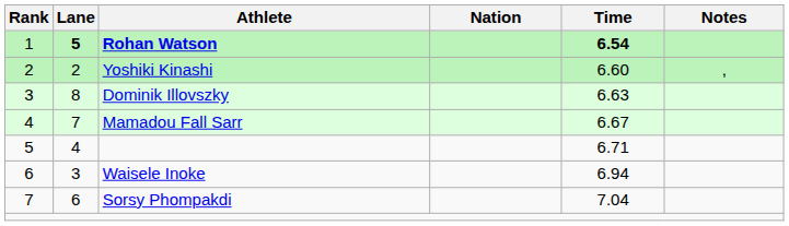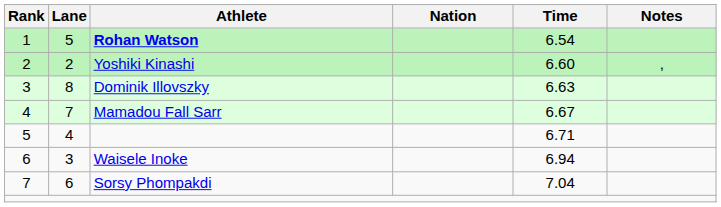 <table class="wikitable sortable" style="text-align:center;width: 60%;">
 <tr>
 <th scope="col" style="width: 10px;">Rank</th>
 <th scope="col" style="width: 10px;">Lane</th>
 <th scope="col">Athlete</th>
 <th scope="col">Nation</th>
 <th scope="col">Time</th>
 <th scope="col">Notes</th>
 </tr>
 <tr bgcolor=bbf3bb>
 <td>1</td>
-<td><strong>5</strong></td>
+<td>5</td>
 <td align=left><strong><a href='#'>Rohan Watson</a></strong></td>
 <td align=left></td>
-<td><strong>6.54</strong></td>
+<td>6.54</td>
 <td></td>
 </tr>
 <tr bgcolor=bbf3bb>
 <td>2</td>
 <td>2</td>
 <td align=left><a href='#'>Yoshiki Kinashi</a></td>
 <td align=left></td>
 <td>6.60</td>
 <td>, </td>
 </tr>
 <tr bgcolor=ddffdd>
 <td>3</td>
 <td>8</td>
 <td align=left><a href='#'>Dominik Illovszky</a></td>
 <td align=left></td>
 <td>6.63</td>
 <td></td>
 </tr>
 <tr bgcolor=ddffdd>
 <td>4</td>
 <td>7</td>
 <td align=left><a href='#'>Mamadou Fall Sarr</a></td>
 <td align=left></td>
 <td>6.67</td>
 <td></td>
 </tr>
 <tr>
 <td>5</td>
 <td>4</td>
 <td align=left></td>
 <td align=left></td>
 <td>6.71</td>
 <td></td>
 </tr>
 <tr>
 <td>6</td>
 <td>3</td>
 <td align=left><a href='#'>Waisele Inoke</a></td>
 <td align=left></td>
 <td>6.94</td>
 <td></td>
 </tr>
 <tr>
 <td>7</td>
 <td>6</td>
 <td align=left><a href='#'>Sorsy Phompakdi</a></td>
 <td align=left></td>
 <td>7.04</td>
 <td></td>
 </tr>
 <tr class="sortbottom">
 <td colspan="6"></td>
 </tr>
 </table>
